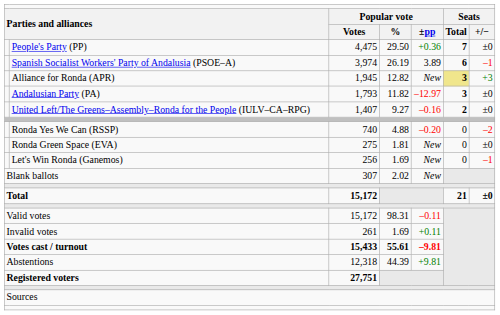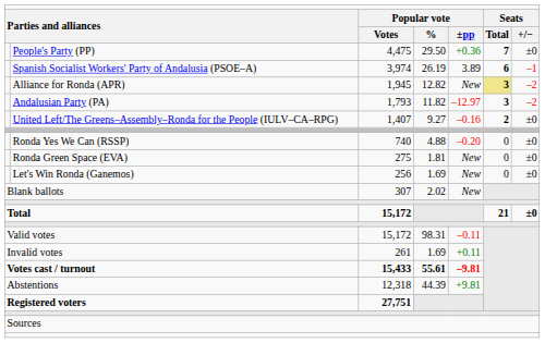 <table class="wikitable" style="text-align:right;">
 <tr>
 <td colspan="7"></td>
 </tr>
 <tr>
 <th style="text-align:left;" rowspan="2" colspan="2" width="525">Parties and alliances</th>
 <th colspan="3">Popular vote</th>
 <th colspan="2">Seats</th>
 </tr>
 <tr>
 <th width="75">Votes</th>
 <th width="45">%</th>
 <th width="45">±<a href='#'>pp</a></th>
 <th width="35">Total</th>
 <th width="35">+/−</th>
 </tr>
 <tr>
 <td width="1" style="color:inherit;background:"></td>
 <td align="left"><a href='#'>People's Party</a> (PP)</td>
 <td>4,475</td>
 <td>29.50</td>
 <td style="color:green;">+0.36</td>
 <td><strong>7</strong></td>
 <td>±0</td>
 </tr>
 <tr>
 <td style="color:inherit;background:"></td>
 <td align="left"><a href='#'>Spanish Socialist Workers' Party of Andalusia</a> (PSOE–A)</td>
 <td>3,974</td>
 <td>26.19</td>
 <td>3.89</td>
 <td><strong>6</strong></td>
 <td style="color:red;">–1</td>
 </tr>
 <tr>
 <td style="color:inherit;background:"></td>
 <td align="left">Alliance for Ronda (APR)</td>
 <td>1,945</td>
 <td>12.82</td>
 <td><em>New</em></td>
 <td style="background: khaki;"><strong>3</strong></td>
-<td style="color:green;">+3</td>
+<td style="color:red;">–2</td>
 </tr>
 <tr>
 <td style="color:inherit;background:"></td>
 <td align="left"><a href='#'>Andalusian Party</a> (PA)</td>
 <td>1,793</td>
 <td>11.82</td>
 <td style="color:red;">–12.97</td>
 <td><strong>3</strong></td>
-<td>±0</td>
+<td style="color:red;">–2</td>
 </tr>
 <tr>
 <td style="color:inherit;background:"></td>
 <td align="left"><a href='#'>United Left/The Greens–Assembly–Ronda for the People</a> (IULV–CA–RPG)</td>
 <td>1,407</td>
 <td>9.27</td>
 <td style="color:red;">–0.16</td>
 <td><strong>2</strong></td>
 <td>±0</td>
 </tr>
 <tr>
 <td colspan="7" bgcolor="#C0C0C0"></td>
 </tr>
 <tr>
 <td style="color:inherit;background:"></td>
 <td align="left">Ronda Yes We Can (RSSP)</td>
 <td>740</td>
 <td>4.88</td>
 <td style="color:red;">–0.20</td>
 <td>0</td>
-<td style="color:red;">–2</td>
+<td>±0</td>
 </tr>
 <tr>
 <td style="color:inherit;background:"></td>
 <td align="left">Ronda Green Space (EVA)</td>
 <td>275</td>
 <td>1.81</td>
 <td><em>New</em></td>
 <td>0</td>
 <td>±0</td>
 </tr>
 <tr>
 <td style="color:inherit;background:"></td>
 <td align="left">Let's Win Ronda (Ganemos)</td>
 <td>256</td>
 <td>1.69</td>
 <td><em>New</em></td>
 <td>0</td>
-<td style="color:red;">–1</td>
+<td>±0</td>
 </tr>
 <tr>
 <td align="left" colspan="2">Blank ballots</td>
 <td>307</td>
 <td>2.02</td>
 <td><em>New</em></td>
 <td bgcolor="#E9E9E9" colspan="2"></td>
 </tr>
 <tr>
 <td colspan="7" bgcolor="#E9E9E9"></td>
 </tr>
 <tr style="font-weight:bold;">
 <td align="left" colspan="2">Total</td>
 <td>15,172</td>
 <td bgcolor="#E9E9E9" colspan="2"></td>
 <td>21</td>
 <td>±0</td>
 </tr>
 <tr>
 <td colspan="7" bgcolor="#E9E9E9"></td>
 </tr>
 <tr>
 <td align="left" colspan="2">Valid votes</td>
 <td>15,172</td>
 <td>98.31</td>
 <td style="color:red;">–0.11</td>
 <td bgcolor="#E9E9E9" colspan="2" rowspan="5"></td>
 </tr>
 <tr>
 <td align="left" colspan="2">Invalid votes</td>
 <td>261</td>
 <td>1.69</td>
 <td style="color:green;">+0.11</td>
 </tr>
 <tr style="font-weight:bold;">
 <td align="left" colspan="2">Votes cast / turnout</td>
 <td>15,433</td>
 <td>55.61</td>
 <td style="color:red;">–9.81</td>
 </tr>
 <tr>
 <td align="left" colspan="2">Abstentions</td>
 <td>12,318</td>
 <td>44.39</td>
 <td style="color:green;">+9.81</td>
 </tr>
 <tr style="font-weight:bold;">
 <td align="left" colspan="2">Registered voters</td>
 <td>27,751</td>
 <td bgcolor="#E9E9E9" colspan="2"></td>
 </tr>
 <tr>
 <td colspan="7" bgcolor="#E9E9E9"></td>
 </tr>
 <tr>
 <td align="left" colspan="7">Sources</td>
 </tr>
 <tr>
 <td colspan="7" style="text-align:left; max-width:790px;"></td>
 </tr>
 </table>
